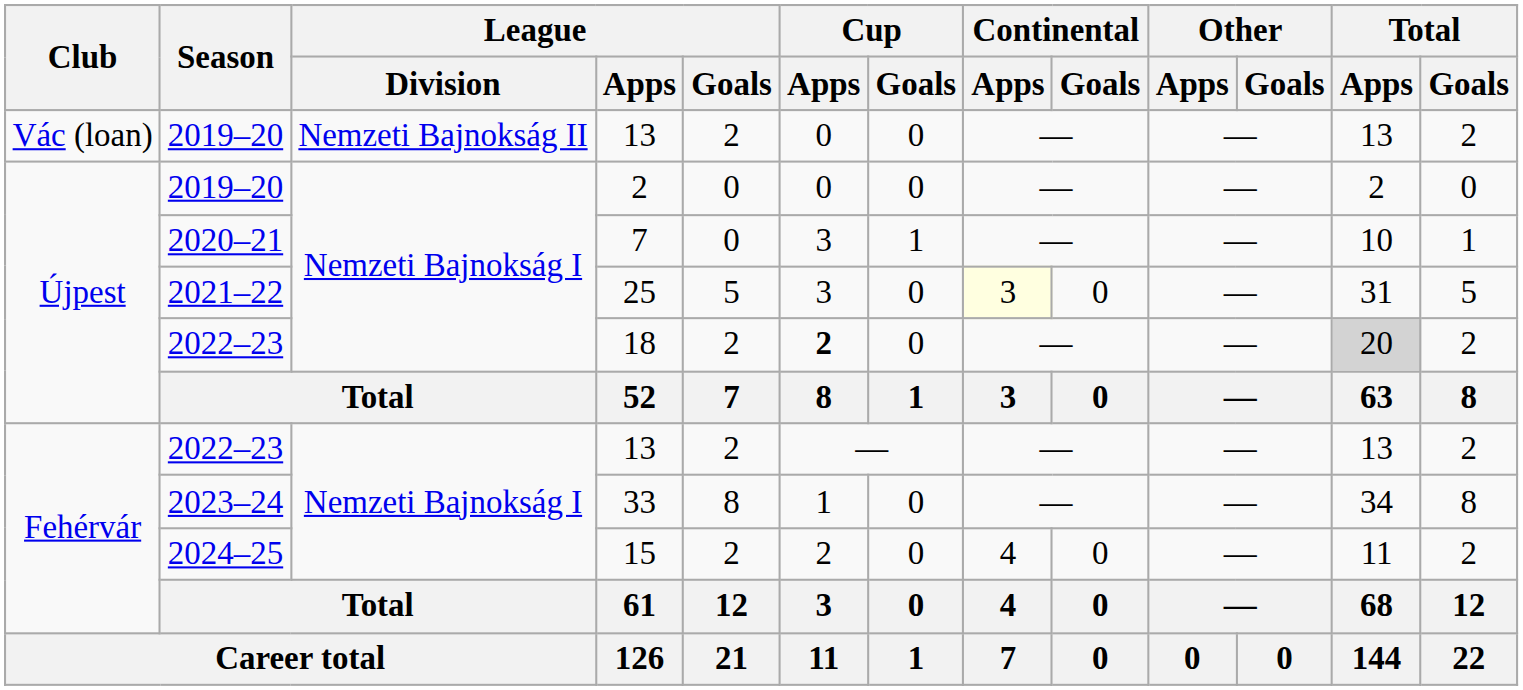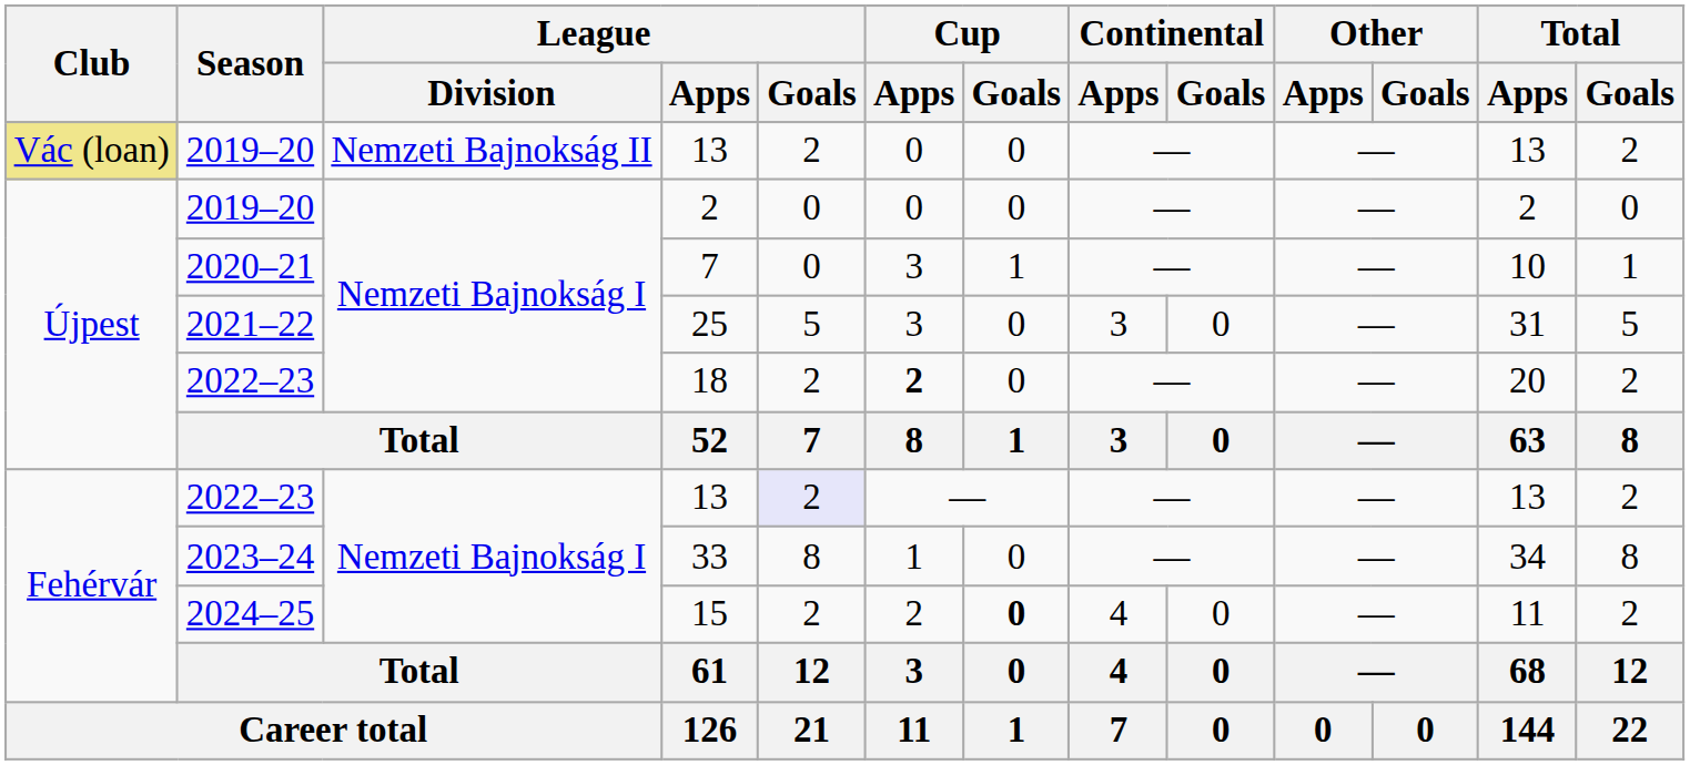 <table class="wikitable" style="text-align:center">
 <tr>
 <th rowspan="2">Club</th>
 <th rowspan="2">Season</th>
 <th colspan="3">League</th>
 <th colspan="2">Cup</th>
 <th colspan="2">Continental</th>
 <th colspan="2">Other</th>
 <th colspan="2">Total</th>
 </tr>
 <tr>
 <th>Division</th>
 <th>Apps</th>
 <th>Goals</th>
 <th>Apps</th>
 <th>Goals</th>
 <th>Apps</th>
 <th>Goals</th>
 <th>Apps</th>
 <th>Goals</th>
 <th>Apps</th>
 <th>Goals</th>
 </tr>
 <tr>
-<td><a href='#'>Vác</a> (loan)</td>
+<td style="background: khaki;"><a href='#'>Vác</a> (loan)</td>
 <td><a href='#'>2019–20</a></td>
 <td><a href='#'>Nemzeti Bajnokság II</a></td>
 <td>13</td>
 <td>2</td>
 <td>0</td>
 <td>0</td>
 <td colspan="2">—</td>
 <td colspan="2">—</td>
 <td>13</td>
 <td>2</td>
 </tr>
 <tr>
 <td rowspan="5"><a href='#'>Újpest</a></td>
 <td><a href='#'>2019–20</a></td>
 <td rowspan="4"><a href='#'>Nemzeti Bajnokság I</a></td>
 <td>2</td>
 <td>0</td>
 <td>0</td>
 <td>0</td>
 <td colspan="2">—</td>
 <td colspan="2">—</td>
 <td>2</td>
 <td>0</td>
 </tr>
 <tr>
 <td><a href='#'>2020–21</a></td>
 <td>7</td>
 <td>0</td>
 <td>3</td>
 <td>1</td>
 <td colspan="2">—</td>
 <td colspan="2">—</td>
 <td>10</td>
 <td>1</td>
 </tr>
 <tr>
 <td><a href='#'>2021–22</a></td>
 <td>25</td>
 <td>5</td>
 <td>3</td>
 <td>0</td>
-<td style="background: lightyellow;">3</td>
+<td>3</td>
 <td>0</td>
 <td colspan="2">—</td>
 <td>31</td>
 <td>5</td>
 </tr>
 <tr>
 <td><a href='#'>2022–23</a></td>
 <td>18</td>
 <td>2</td>
 <td><strong>2</strong></td>
 <td>0</td>
 <td colspan="2">—</td>
 <td colspan="2">—</td>
-<td style="background: lightgrey;">20</td>
+<td>20</td>
 <td>2</td>
 </tr>
 <tr>
 <th colspan="2">Total</th>
 <th>52</th>
 <th>7</th>
 <th>8</th>
 <th>1</th>
 <th>3</th>
 <th>0</th>
 <th colspan="2">—</th>
 <th>63</th>
 <th>8</th>
 </tr>
 <tr>
 <td rowspan="4"><a href='#'>Fehérvár</a></td>
 <td><a href='#'>2022–23</a></td>
 <td rowspan="3"><a href='#'>Nemzeti Bajnokság I</a></td>
 <td>13</td>
-<td>2</td>
+<td style="background: lavender;">2</td>
 <td colspan="2">—</td>
 <td colspan="2">—</td>
 <td colspan="2">—</td>
 <td>13</td>
 <td>2</td>
 </tr>
 <tr>
 <td><a href='#'>2023–24</a></td>
 <td>33</td>
 <td>8</td>
 <td>1</td>
 <td>0</td>
 <td colspan="2">—</td>
 <td colspan="2">—</td>
 <td>34</td>
 <td>8</td>
 </tr>
 <tr>
 <td><a href='#'>2024–25</a></td>
 <td>15</td>
 <td>2</td>
 <td>2</td>
-<td>0</td>
+<td><strong>0</strong></td>
 <td>4</td>
 <td>0</td>
 <td colspan="2">—</td>
 <td>11</td>
 <td>2</td>
 </tr>
 <tr>
 <th colspan="2">Total</th>
 <th>61</th>
 <th>12</th>
 <th>3</th>
 <th>0</th>
 <th>4</th>
 <th>0</th>
 <th colspan="2">—</th>
 <th>68</th>
 <th>12</th>
 </tr>
 <tr>
 <th colspan="3">Career total</th>
 <th>126</th>
 <th>21</th>
 <th>11</th>
 <th>1</th>
 <th>7</th>
 <th>0</th>
 <th>0</th>
 <th>0</th>
 <th>144</th>
 <th>22</th>
 </tr>
 </table>
